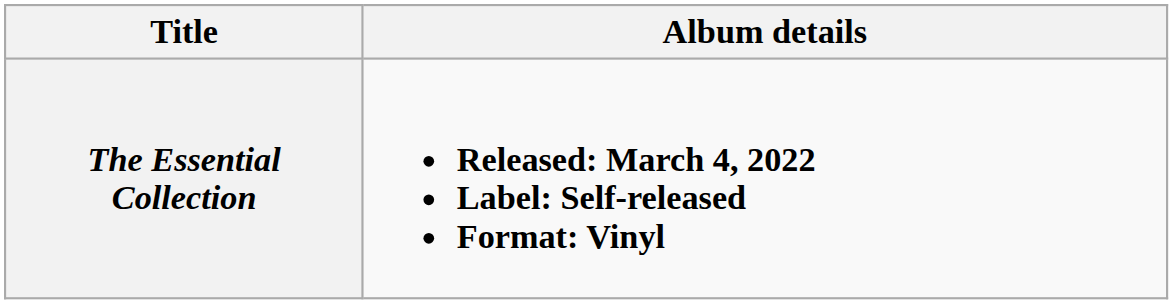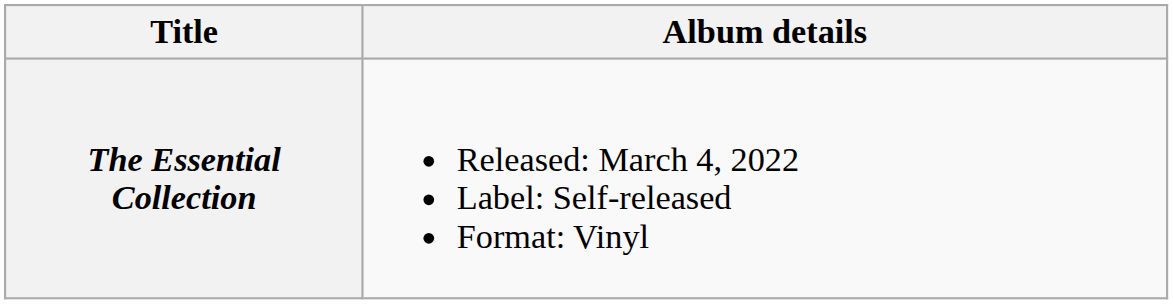 <table class="wikitable plainrowheaders">
 <tr>
 <th scope="col" style="width:10em;">Title</th>
 <th scope="col" style="width:23em;">Album details</th>
 </tr>
 <tr>
 <th scope="row"><em>The Essential Collection</em></th>
-<td><strong><br><ul><li>Released: March 4, 2022</li><li>Label: Self-released</li><li>Format: Vinyl</li></ul></strong></td>
+<td><br><ul><li>Released: March 4, 2022</li><li>Label: Self-released</li><li>Format: Vinyl</li></ul></td>
 </tr>
 </table>
